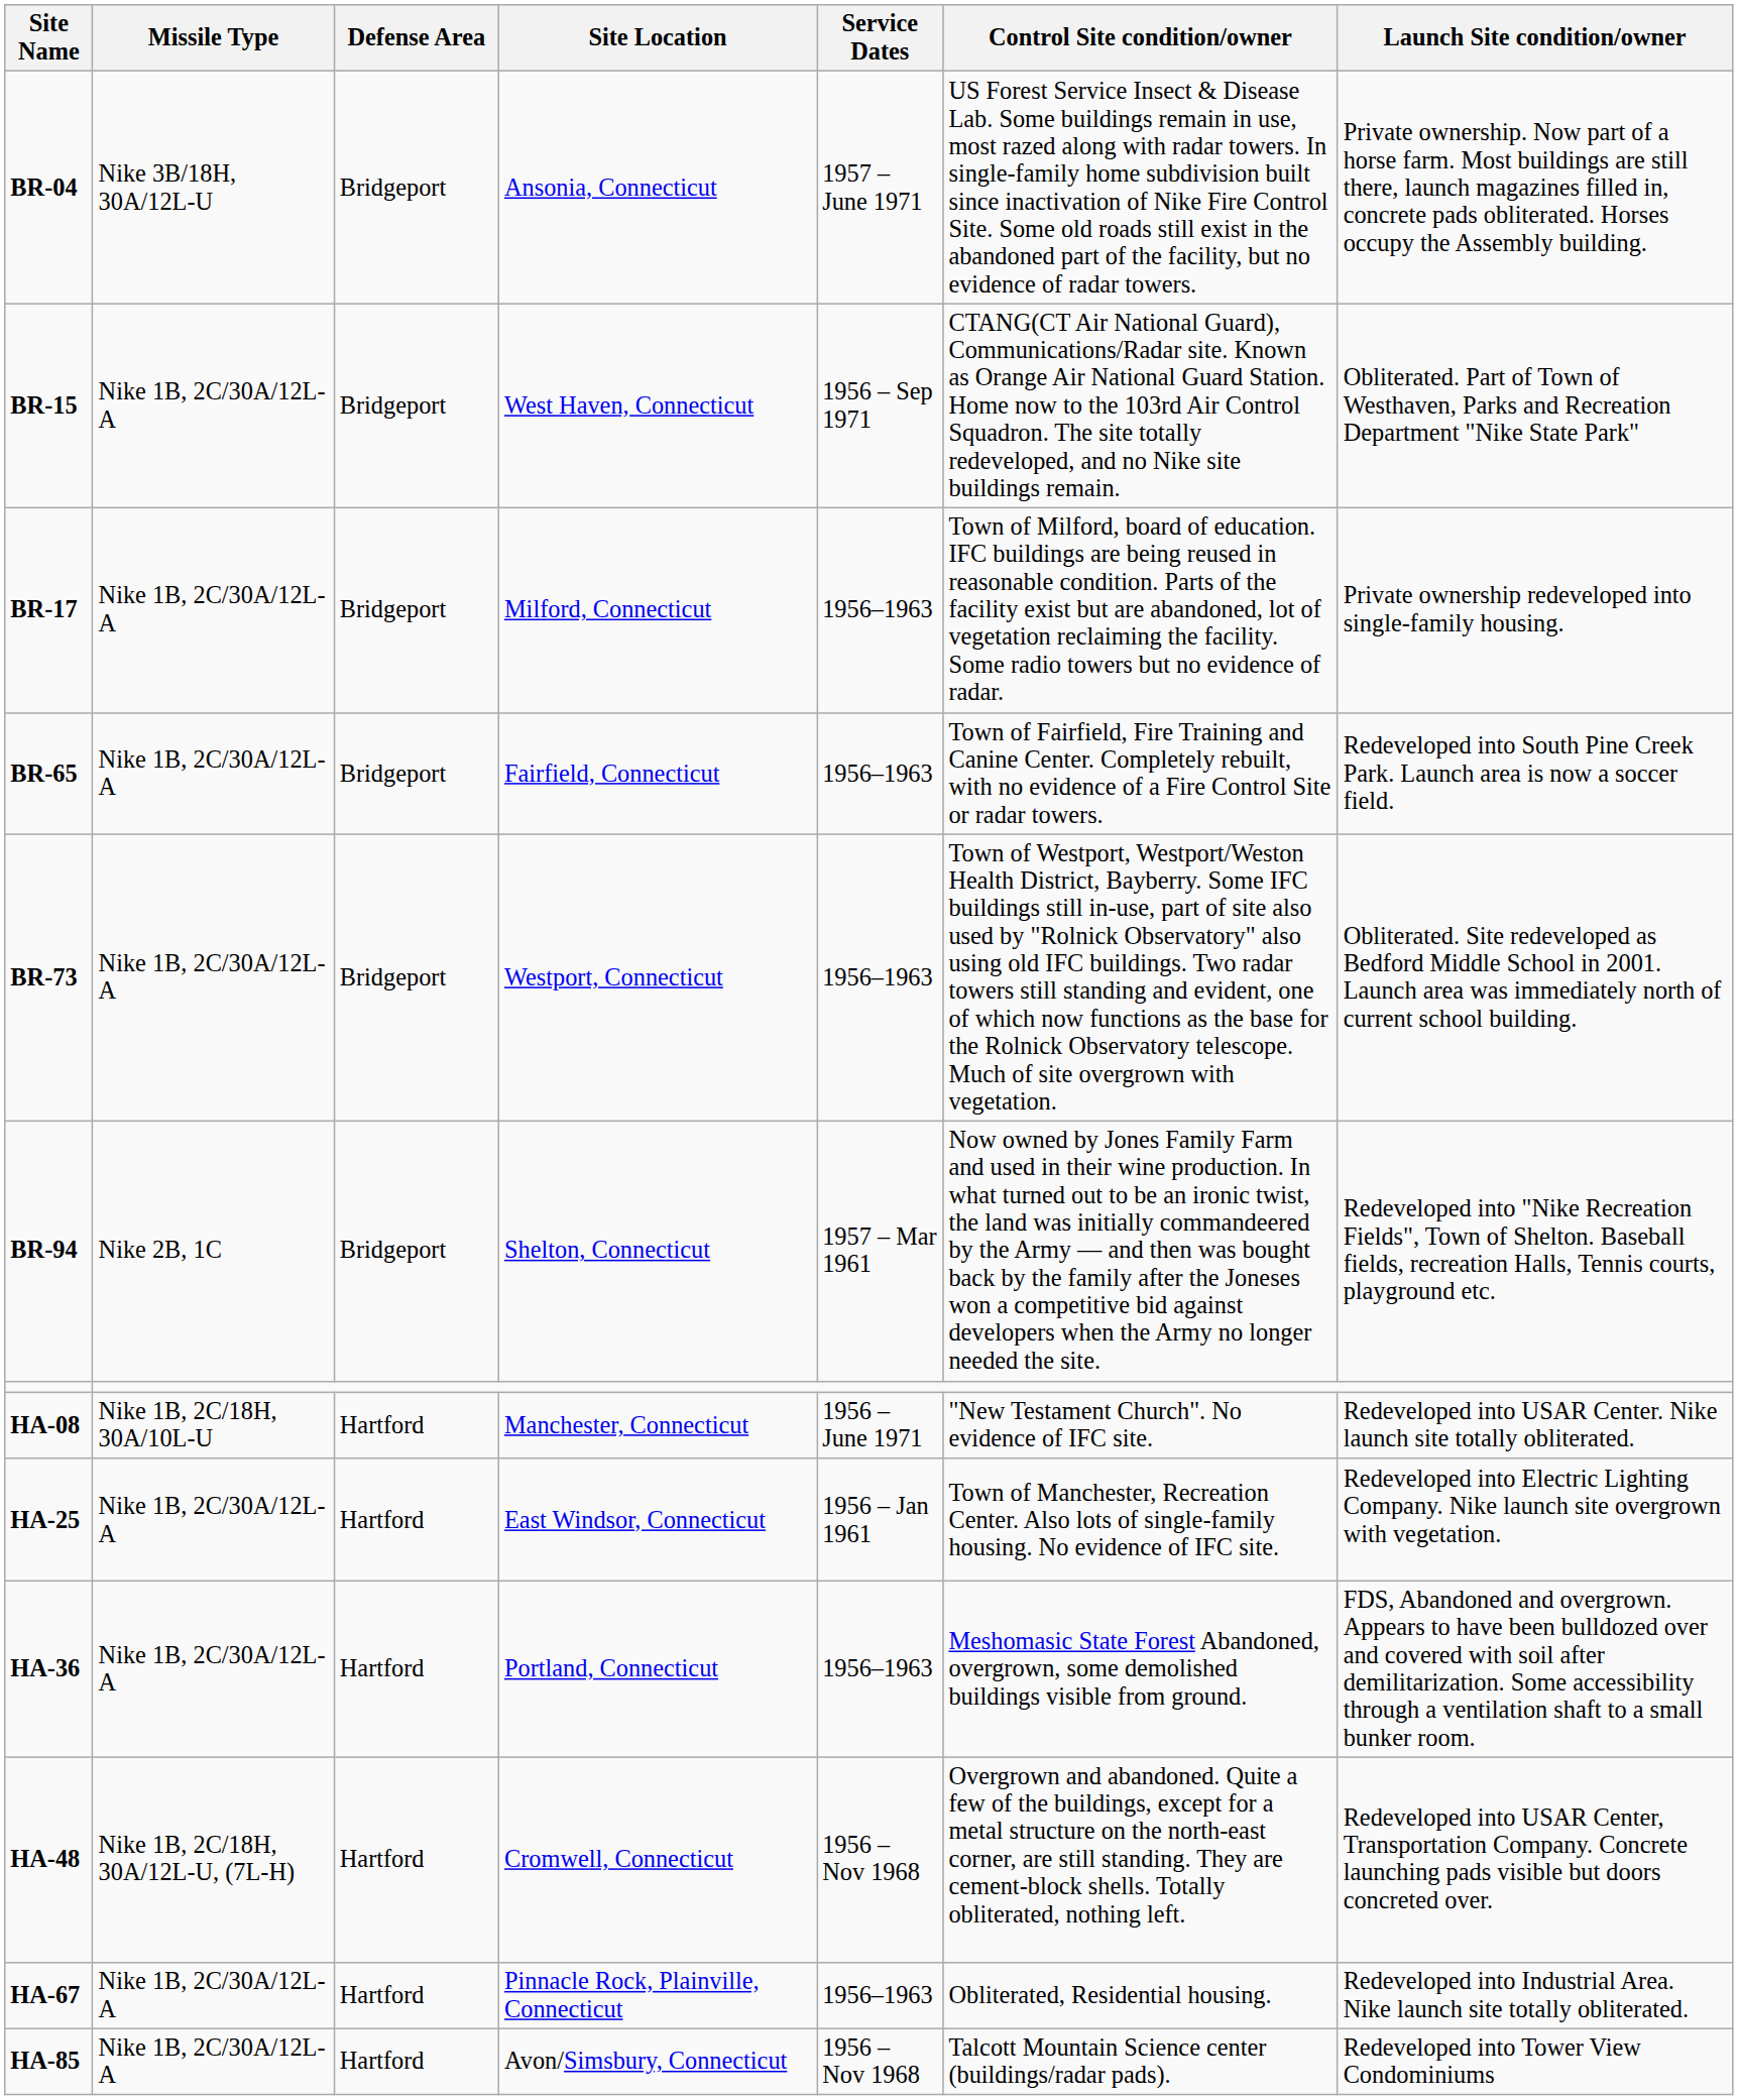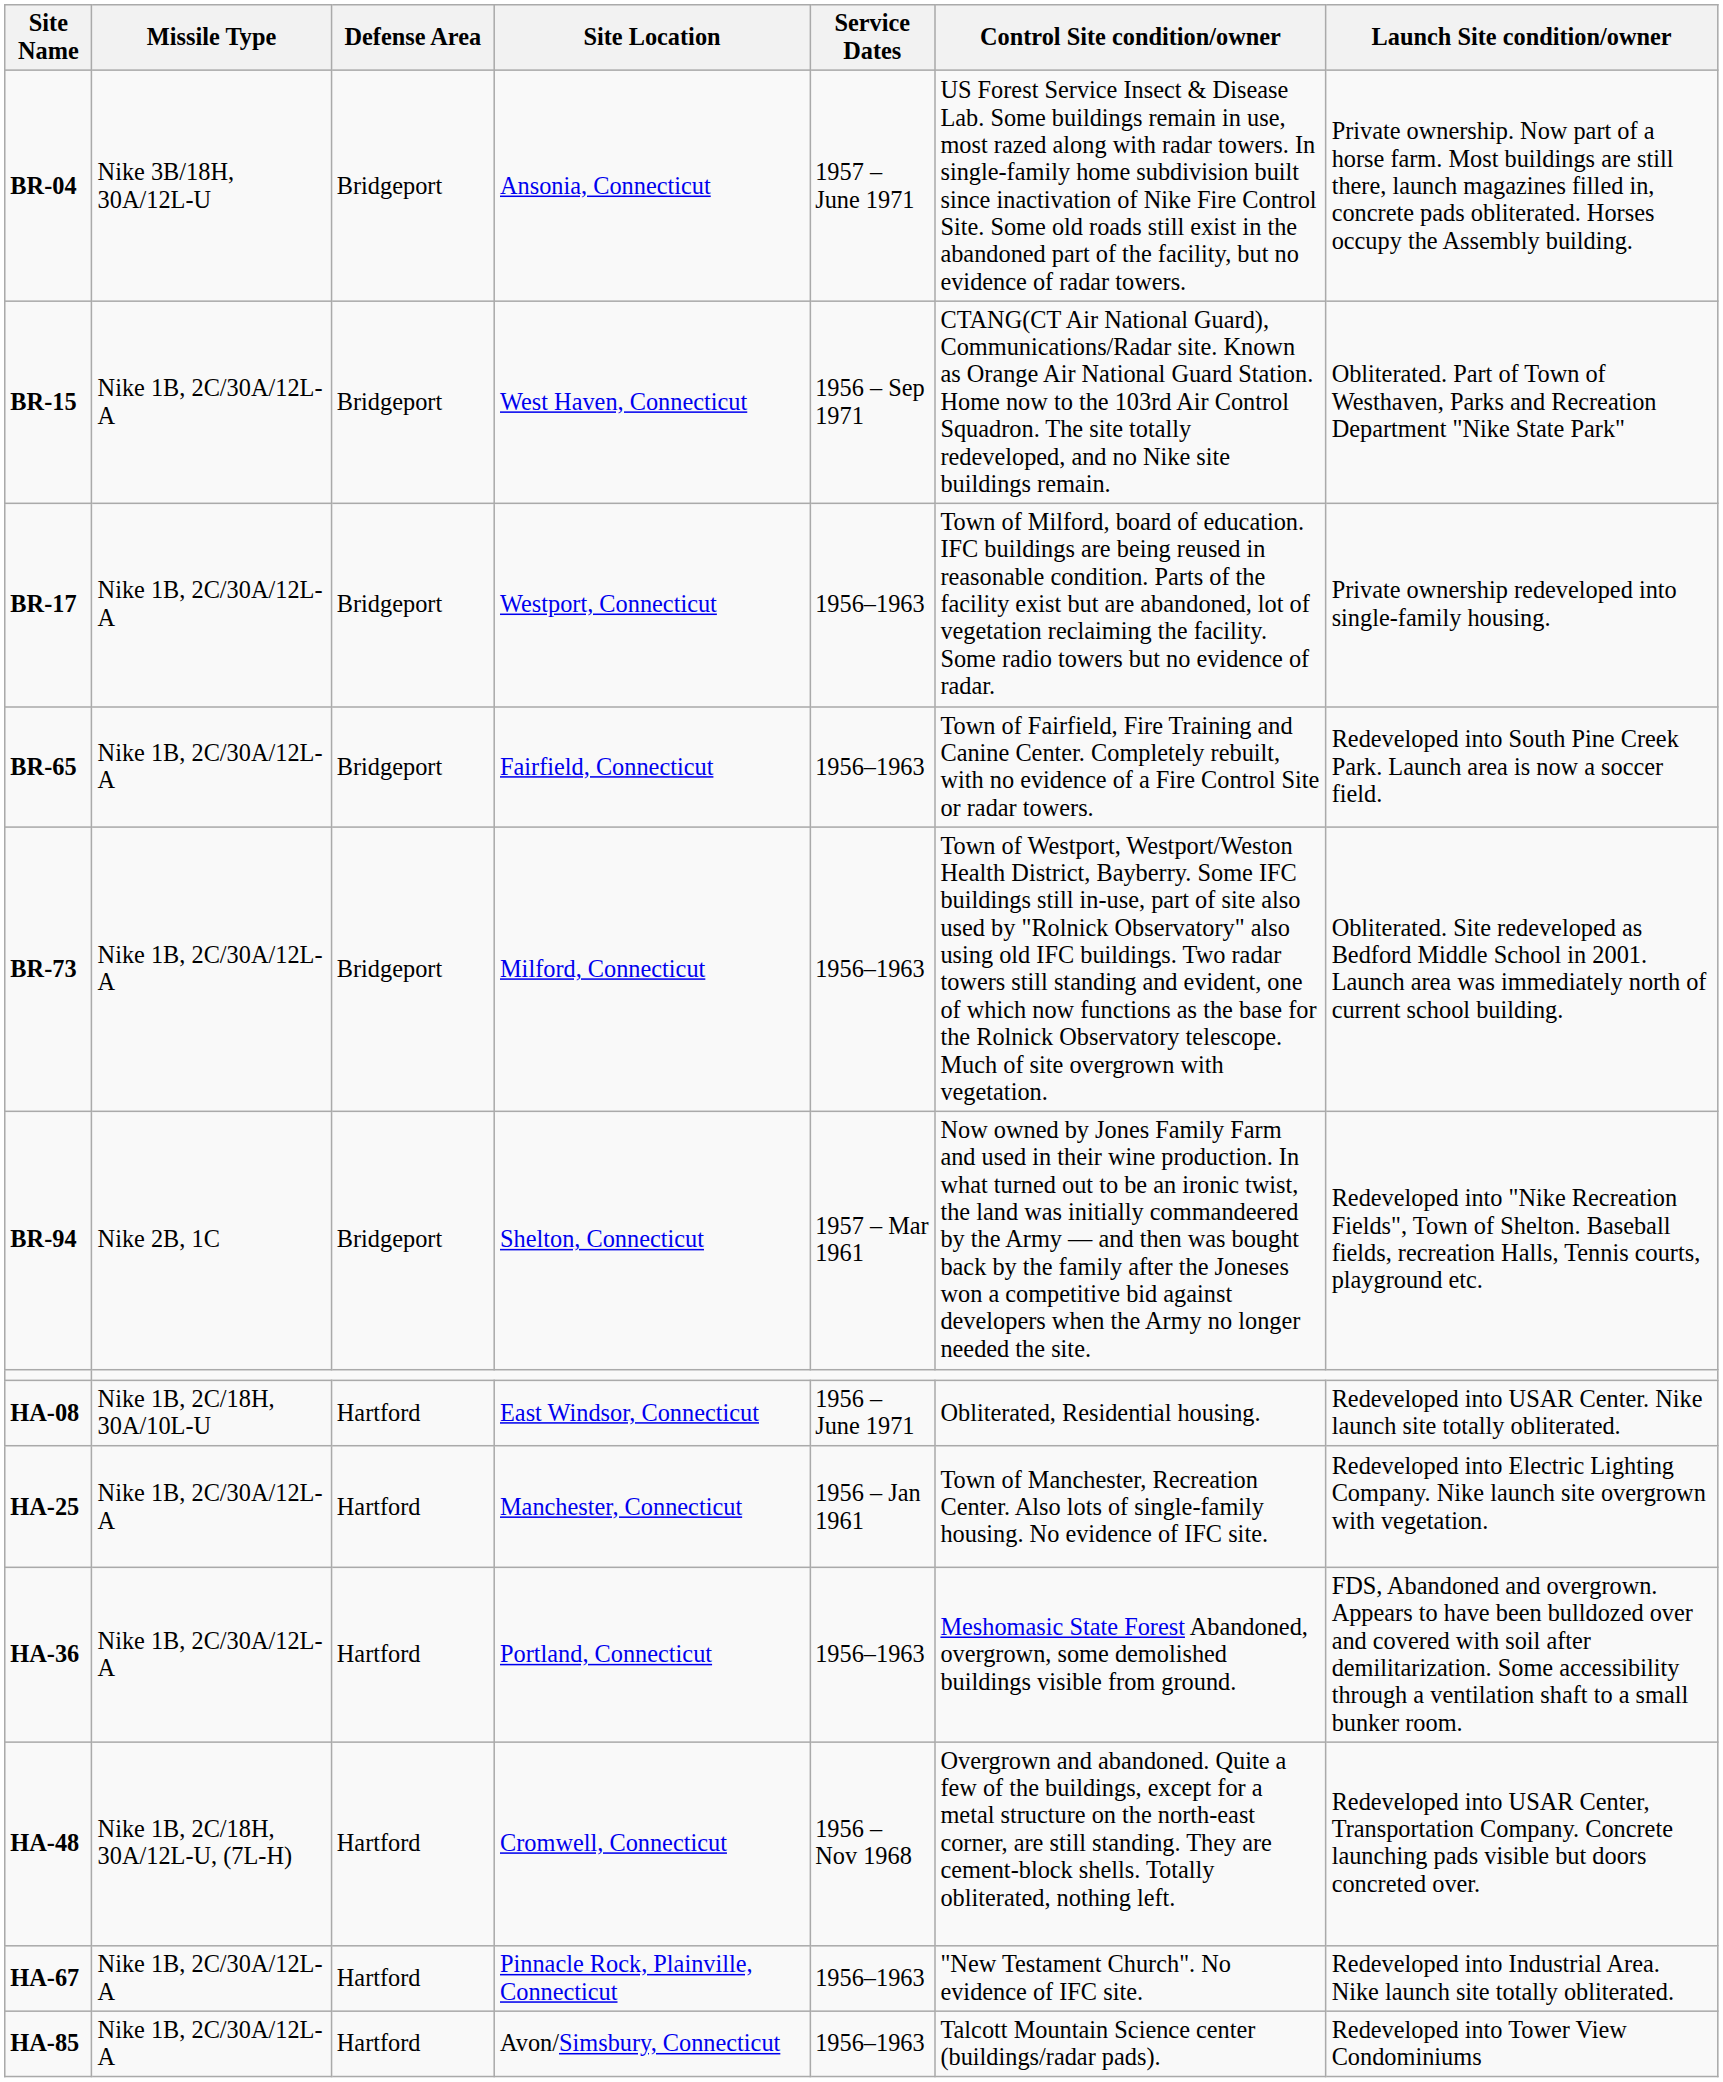 <table class="wikitable sortable">
 <tr>
 <th scope="col" style="width:50px;">Site Name</th>
 <th scope="col" style="width:150px;">Missile Type</th>
 <th scope="col" style="width:100px;">Defense Area</th>
 <th scope="col" style="width:200px;">Site Location</th>
 <th scope="col" style="width:75px;">Service Dates</th>
 <th scope="col" style="width:250px;">Control Site condition/owner</th>
 <th scope="col" style="width:250px;">Launch Site condition/owner</th>
 </tr>
 <tr>
 <td><strong>BR-04</strong></td>
 <td>Nike 3B/18H, 30A/12L-U</td>
 <td>Bridgeport</td>
 <td><a href='#'>Ansonia, Connecticut</a></td>
 <td>1957 – June 1971</td>
 <td>US Forest Service Insect & Disease Lab. Some buildings remain in use, most razed along with radar towers. In single-family home subdivision built since inactivation of Nike Fire Control Site. Some old roads still exist in the abandoned part of the facility, but no evidence of radar towers.<br></td>
 <td>Private ownership. Now part of a horse farm. Most buildings are still there, launch magazines filled in, concrete pads obliterated. Horses occupy the Assembly building.<br></td>
 </tr>
 <tr>
 <td><strong>BR-15</strong></td>
 <td>Nike 1B, 2C/30A/12L-A</td>
 <td>Bridgeport</td>
 <td><a href='#'>West Haven, Connecticut</a></td>
 <td>1956 – Sep 1971</td>
 <td>CTANG(CT Air National Guard), Communications/Radar site. Known as Orange Air National Guard Station. Home now to the 103rd Air Control Squadron. The site totally redeveloped, and no Nike site buildings remain.<br></td>
 <td>Obliterated. Part of Town of Westhaven, Parks and Recreation Department "Nike State Park"<br></td>
 </tr>
 <tr>
 <td><strong>BR-17</strong></td>
 <td>Nike 1B, 2C/30A/12L-A</td>
 <td>Bridgeport</td>
-<td><a href='#'>Milford, Connecticut</a></td>
+<td><a href='#'>Westport, Connecticut</a></td>
 <td>1956–1963</td>
 <td>Town of Milford, board of education. IFC buildings are being reused in reasonable condition. Parts of the facility exist but are abandoned, lot of vegetation reclaiming the facility. Some radio towers but no evidence of radar. <br></td>
 <td>Private ownership redeveloped into single-family housing.<br></td>
 </tr>
 <tr>
 <td><strong>BR-65</strong></td>
 <td>Nike 1B, 2C/30A/12L-A</td>
 <td>Bridgeport</td>
 <td><a href='#'>Fairfield, Connecticut</a></td>
 <td>1956–1963</td>
 <td>Town of Fairfield, Fire Training and Canine Center. Completely rebuilt, with no evidence of a Fire Control Site or radar towers.<br></td>
 <td>Redeveloped into South Pine Creek Park. Launch area is now a soccer field.<br></td>
 </tr>
 <tr>
 <td><strong>BR-73</strong></td>
 <td>Nike 1B, 2C/30A/12L-A</td>
 <td>Bridgeport</td>
-<td><a href='#'>Westport, Connecticut</a></td>
+<td><a href='#'>Milford, Connecticut</a></td>
 <td>1956–1963</td>
 <td>Town of Westport, Westport/Weston Health District, Bayberry. Some IFC buildings still in-use, part of site also used by "Rolnick Observatory" also using old IFC buildings. Two radar towers still standing and evident, one of which now functions as the base for the Rolnick Observatory telescope. Much of site overgrown with vegetation.<br></td>
 <td>Obliterated. Site redeveloped as Bedford Middle School in 2001. Launch area was immediately north of current school building. <br></td>
 </tr>
 <tr>
 <td><strong>BR-94</strong></td>
 <td>Nike 2B, 1C</td>
 <td>Bridgeport</td>
 <td><a href='#'>Shelton, Connecticut</a></td>
 <td>1957 – Mar 1961</td>
 <td>Now owned by Jones Family Farm and used in their wine production. In what turned out to be an ironic twist, the land was initially commandeered by the Army — and then was bought back by the family after the Joneses won a competitive bid against developers when the Army no longer needed the site.<br></td>
 <td>Redeveloped into "Nike Recreation Fields", Town of Shelton. Baseball fields, recreation Halls, Tennis courts, playground etc.<br></td>
 </tr>
 <tr>
 <td></td>
 </tr>
 <tr>
 <td><strong>HA-08</strong></td>
 <td>Nike 1B, 2C/18H, 30A/10L-U</td>
 <td>Hartford</td>
-<td><a href='#'>Manchester, Connecticut</a></td>
+<td><a href='#'>East Windsor, Connecticut</a></td>
 <td>1956 – June 1971</td>
-<td>"New Testament Church". No evidence of IFC site.<br></td>
+<td>Obliterated, Residential housing.<br></td>
 <td>Redeveloped into USAR Center. Nike launch site totally obliterated.<br></td>
 </tr>
 <tr>
 <td><strong>HA-25</strong></td>
 <td>Nike 1B, 2C/30A/12L-A</td>
 <td>Hartford</td>
-<td><a href='#'>East Windsor, Connecticut</a></td>
+<td><a href='#'>Manchester, Connecticut</a></td>
 <td>1956 – Jan 1961</td>
 <td>Town of Manchester, Recreation Center. Also lots of single-family housing. No evidence of IFC site.<br></td>
 <td>Redeveloped into Electric Lighting Company. Nike launch site overgrown with vegetation.<br><br></td>
 </tr>
 <tr>
 <td><strong>HA-36</strong></td>
 <td>Nike 1B, 2C/30A/12L-A</td>
 <td>Hartford</td>
 <td><a href='#'>Portland, Connecticut</a></td>
 <td>1956–1963</td>
 <td><a href='#'>Meshomasic State Forest</a> Abandoned, overgrown, some demolished buildings visible from ground.<br></td>
 <td>FDS, Abandoned and overgrown. Appears to have been bulldozed over and covered with soil after demilitarization. Some accessibility through a ventilation shaft to a small bunker room. <br></td>
 </tr>
 <tr>
 <td><strong>HA-48</strong></td>
 <td>Nike 1B, 2C/18H, 30A/12L-U, (7L-H)</td>
 <td>Hartford</td>
 <td><a href='#'>Cromwell, Connecticut</a></td>
 <td>1956 – Nov 1968</td>
 <td>Overgrown and abandoned. Quite a few of the buildings, except for a metal structure on the north-east corner, are still standing. They are cement-block shells. Totally obliterated, nothing left.<br><br> </td>
 <td>Redeveloped into USAR Center, Transportation Company. Concrete launching pads visible but doors concreted over.<br></td>
 </tr>
 <tr>
 <td><strong>HA-67</strong></td>
 <td>Nike 1B, 2C/30A/12L-A</td>
 <td>Hartford</td>
 <td><a href='#'>Pinnacle Rock, Plainville, Connecticut</a></td>
 <td>1956–1963</td>
-<td>Obliterated, Residential housing.<br></td>
+<td>"New Testament Church". No evidence of IFC site.<br></td>
 <td>Redeveloped into Industrial Area. Nike launch site totally obliterated.<br></td>
 </tr>
 <tr>
 <td><strong>HA-85</strong></td>
 <td>Nike 1B, 2C/30A/12L-A</td>
 <td>Hartford</td>
 <td>Avon/<a href='#'>Simsbury, Connecticut</a></td>
-<td>1956 – Nov 1968</td>
+<td>1956–1963</td>
 <td>Talcott Mountain Science center (buildings/radar pads).<br></td>
 <td>Redeveloped into Tower View Condominiums<br></td>
 </tr>
 </table>
